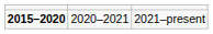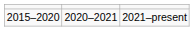 <table class="wikitable" style="text-align:center">
 <tr>
 <td></td>
 <td></td>
 <td></td>
 </tr>
 <tr>
-<td><strong>2015–2020</strong></td>
+<td>2015–2020</td>
 <td>2020–2021</td>
 <td>2021–present</td>
 </tr>
 </table>
